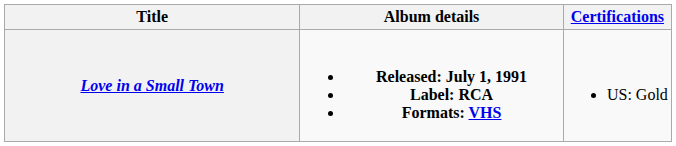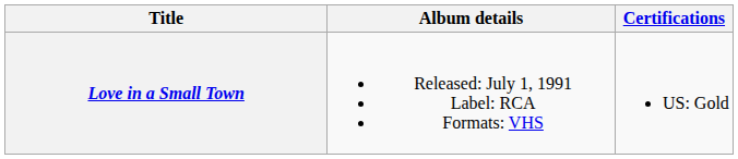 <table class="wikitable plainrowheaders" style="text-align:center;">
 <tr>
 <th scope="col" style="width:18em;">Title</th>
 <th scope="col" style="width:16em;">Album details</th>
 <th><a href='#'>Certifications</a></th>
 </tr>
 <tr>
 <th scope="row"><em><a href='#'>Love in a Small Town</a></em></th>
-<td><strong><br><ul><li>Released: July 1, 1991</li><li>Label: RCA</li><li>Formats: <a href='#'>VHS</a></li></ul></strong></td>
+<td><br><ul><li>Released: July 1, 1991</li><li>Label: RCA</li><li>Formats: <a href='#'>VHS</a></li></ul></td>
 <td><br><ul><li>US: Gold</li></ul></td>
 </tr>
 <tr>
 </tr>
 </table>
